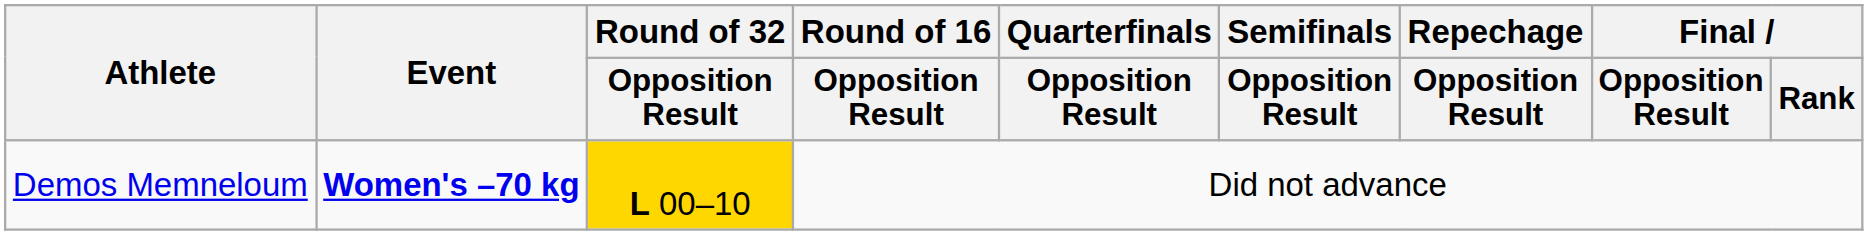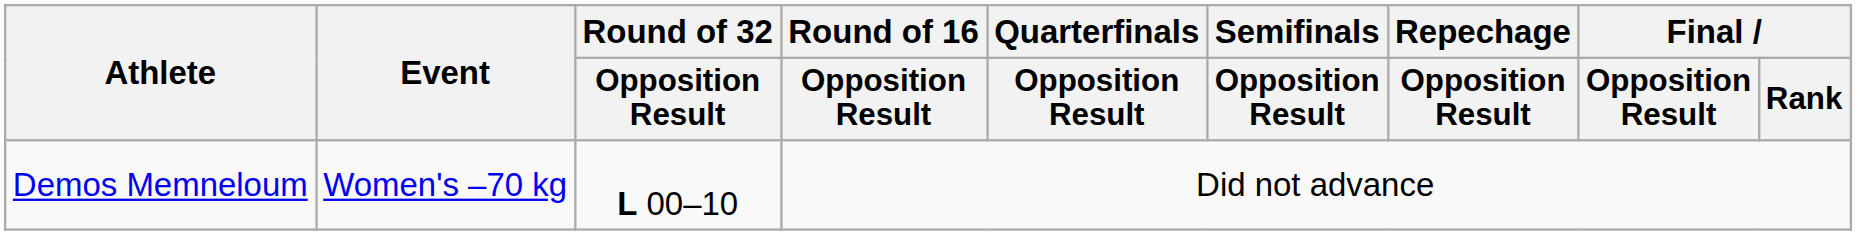 <table class="wikitable" style="font-size:90%">
 <tr>
 <th rowspan="2">Athlete</th>
 <th rowspan="2">Event</th>
 <th>Round of 32</th>
 <th>Round of 16</th>
 <th>Quarterfinals</th>
 <th>Semifinals</th>
 <th>Repechage</th>
 <th colspan=2>Final / </th>
 </tr>
 <tr style="font-size:95%">
 <th>Opposition<br>Result</th>
 <th>Opposition<br>Result</th>
 <th>Opposition<br>Result</th>
 <th>Opposition<br>Result</th>
 <th>Opposition<br>Result</th>
 <th>Opposition<br>Result</th>
 <th>Rank</th>
 </tr>
 <tr align=center>
 <td align=left><a href='#'>Demos Memneloum</a></td>
-<td align=left><strong><a href='#'>Women's –70 kg</a></strong></td>
-<td style="background: gold;"><br><strong>L</strong> 00–10</td>
+<td align=left><a href='#'>Women's –70 kg</a></td>
+<td><br><strong>L</strong> 00–10</td>
 <td colspan="6">Did not advance</td>
 </tr>
 </table>
